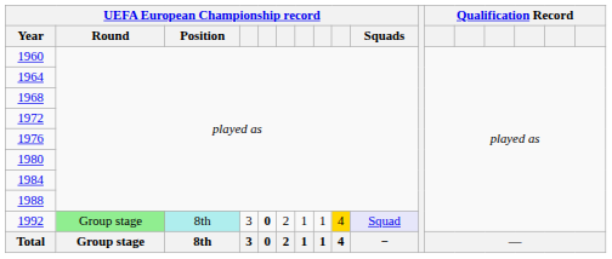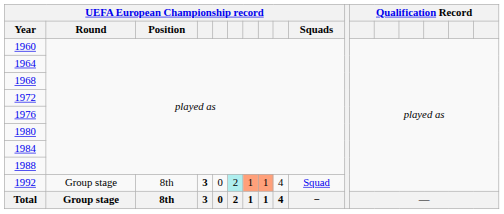 <table class="wikitable" style="text-align: center;">
 <tr>
 <th colspan=10><a href='#'>UEFA European Championship record</a></th>
 <th rowspan="12" style="width:1%;"></th>
 <th colspan=6><a href='#'>Qualification</a> Record</th>
 </tr>
 <tr>
 <th>Year</th>
 <th>Round</th>
 <th>Position</th>
 <th></th>
 <th></th>
 <th></th>
 <th></th>
 <th></th>
 <th></th>
 <th>Squads</th>
 <th></th>
 <th></th>
 <th></th>
 <th></th>
 <th></th>
 <th></th>
 </tr>
 <tr>
 <td> <a href='#'>1960</a></td>
 <td rowspan=8 colspan=9><em>played as </em></td>
 <td rowspan=9 colspan=6><em>played as </em></td>
 </tr>
 <tr>
 <td> <a href='#'>1964</a></td>
 </tr>
 <tr>
 <td> <a href='#'>1968</a></td>
 </tr>
 <tr>
 <td> <a href='#'>1972</a></td>
 </tr>
 <tr>
 <td> <a href='#'>1976</a></td>
 </tr>
 <tr>
 <td> <a href='#'>1980</a></td>
 </tr>
 <tr>
 <td> <a href='#'>1984</a></td>
 </tr>
 <tr>
 <td> <a href='#'>1988</a></td>
 </tr>
 <tr>
 <td> <a href='#'>1992</a></td>
-<td style="background: lightgreen;">Group stage</td>
-<td style="background: paleturquoise;">8th</td>
-<td>3</td>
-<td><strong>0</strong></td>
-<td>2</td>
-<td>1</td>
-<td>1</td>
-<td style="background: gold;">4</td>
-<td style="background: lavender;"><a href='#'>Squad</a></td>
+<td>Group stage</td>
+<td>8th</td>
+<td><strong>3</strong></td>
+<td>0</td>
+<td style="background: paleturquoise;">2</td>
+<td style="background: lightsalmon;">1</td>
+<td style="background: lightsalmon;">1</td>
+<td>4</td>
+<td><a href='#'>Squad</a></td>
 </tr>
 <tr>
 <th>Total</th>
 <th>Group stage</th>
 <th>8th</th>
 <th>3</th>
 <th>0</th>
 <th>2</th>
 <th>1</th>
 <th>1</th>
 <th>4</th>
 <th>−</th>
 <th colspan=6>—</th>
 </tr>
 </table>
